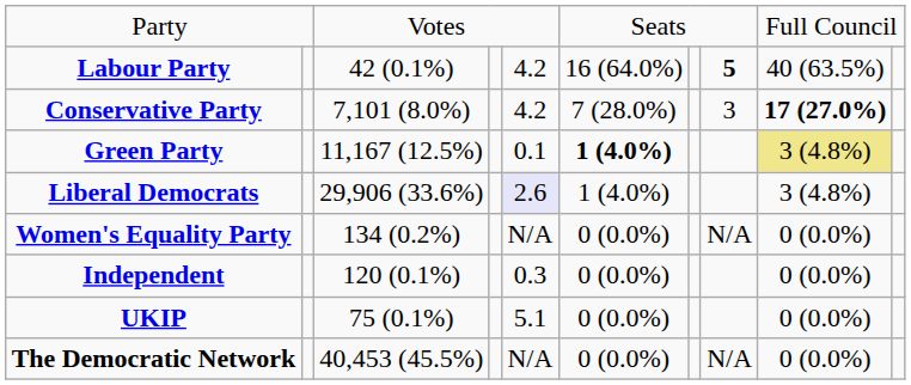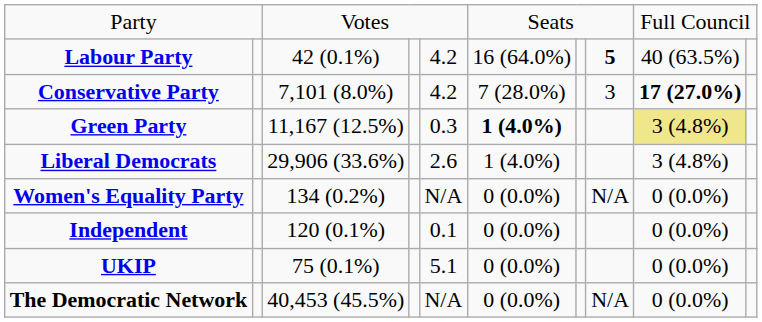 <table class=wikitable style="text-align:center;">
 <tr>
 <td colspan=2>Party</td>
 <td colspan=3>Votes</td>
 <td colspan=3>Seats</td>
 <td colspan=3>Full Council</td>
 </tr>
 <tr>
 <td><strong><a href='#'>Labour Party</a></strong></td>
 <td style="background:"></td>
 <td>42 (0.1%)</td>
 <td></td>
 <td> 4.2</td>
 <td>16 (64.0%)</td>
 <td></td>
 <td><strong> 5</strong></td>
 <td>40 (63.5%)</td>
 <td></td>
 </tr>
 <tr>
 <td><strong><a href='#'>Conservative Party</a></strong></td>
 <td style="background:"></td>
 <td>7,101 (8.0%)</td>
 <td></td>
 <td> 4.2</td>
 <td>7 (28.0%)</td>
 <td></td>
 <td> 3</td>
 <td><strong>17 (27.0%)</strong></td>
 <td></td>
 </tr>
 <tr>
 <td><strong><a href='#'>Green Party</a></strong></td>
 <td style="background:"></td>
 <td>11,167 (12.5%)</td>
 <td></td>
-<td> 0.1</td>
+<td> 0.3</td>
 <td><strong>1 (4.0%)</strong></td>
 <td></td>
 <td></td>
 <td style="background: khaki;">3 (4.8%)</td>
 <td></td>
 </tr>
 <tr>
 <td><strong><a href='#'>Liberal Democrats</a></strong></td>
 <td style="background:"></td>
 <td>29,906 (33.6%)</td>
 <td></td>
-<td style="background: lavender;"> 2.6</td>
+<td> 2.6</td>
 <td>1 (4.0%)</td>
 <td></td>
 <td></td>
 <td>3 (4.8%)</td>
 <td></td>
 </tr>
 <tr>
 <td><strong><a href='#'>Women's Equality Party</a></strong></td>
 <td style="background:"></td>
 <td>134 (0.2%)</td>
 <td></td>
 <td>N/A</td>
 <td>0 (0.0%)</td>
 <td></td>
 <td>N/A</td>
 <td>0 (0.0%)</td>
 <td></td>
 </tr>
 <tr>
 <td><strong><a href='#'>Independent</a></strong></td>
 <td style="background:"></td>
 <td>120 (0.1%)</td>
 <td></td>
-<td> 0.3</td>
+<td> 0.1</td>
 <td>0 (0.0%)</td>
 <td></td>
 <td></td>
 <td>0 (0.0%)</td>
 <td></td>
 </tr>
 <tr>
 <td><strong><a href='#'>UKIP</a></strong></td>
 <td style="background:"></td>
 <td>75 (0.1%)</td>
 <td></td>
 <td> 5.1</td>
 <td>0 (0.0%)</td>
 <td></td>
 <td></td>
 <td>0 (0.0%)</td>
 <td></td>
 </tr>
 <tr>
 <td><strong>The Democratic Network</strong></td>
 <td style="background:"></td>
 <td>40,453 (45.5%)</td>
 <td></td>
 <td>N/A</td>
 <td>0 (0.0%)</td>
 <td></td>
 <td>N/A</td>
 <td>0 (0.0%)</td>
 <td></td>
 </tr>
 </table>
